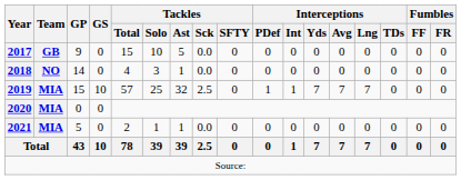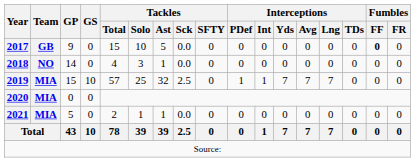 <table class="wikitable" style="text-align: center;">
 <tr>
 <th rowspan=2>Year</th>
 <th rowspan=2>Team</th>
 <th rowspan=2>GP</th>
 <th rowspan=2>GS</th>
 <th colspan=5>Tackles</th>
 <th colspan=6>Interceptions</th>
 <th colspan=2>Fumbles</th>
 </tr>
 <tr>
 <th>Total</th>
 <th>Solo</th>
 <th>Ast</th>
 <th>Sck</th>
 <th>SFTY</th>
 <th>PDef</th>
 <th>Int</th>
 <th>Yds</th>
 <th>Avg</th>
 <th>Lng</th>
 <th>TDs</th>
 <th>FF</th>
 <th>FR</th>
 </tr>
 <tr>
 <th><a href='#'>2017</a></th>
 <th><a href='#'>GB</a></th>
 <td>9</td>
 <td>0</td>
 <td>15</td>
 <td>10</td>
 <td>5</td>
 <td>0.0</td>
 <td>0</td>
 <td>0</td>
 <td>0</td>
 <td>0</td>
 <td>0</td>
 <td>0</td>
 <td>0</td>
-<td>0</td>
+<td><strong>0</strong></td>
 <td>0</td>
 </tr>
 <tr>
 <th><a href='#'>2018</a></th>
 <th><a href='#'>NO</a></th>
 <td>14</td>
 <td>0</td>
 <td>4</td>
 <td>3</td>
 <td>1</td>
 <td>0.0</td>
 <td>0</td>
 <td>0</td>
 <td>0</td>
 <td>0</td>
 <td>0</td>
 <td>0</td>
 <td>0</td>
 <td>0</td>
 <td>0</td>
 </tr>
 <tr>
 <th><a href='#'>2019</a></th>
 <th><a href='#'>MIA</a></th>
 <td>15</td>
 <td>10</td>
 <td>57</td>
 <td>25</td>
 <td>32</td>
 <td>2.5</td>
 <td>0</td>
 <td>1</td>
 <td>1</td>
 <td>7</td>
 <td>7</td>
 <td>7</td>
 <td>0</td>
 <td>0</td>
 <td>0</td>
 </tr>
 <tr>
 <th><a href='#'>2020</a></th>
 <th><a href='#'>MIA</a></th>
 <td>0</td>
 <td>0</td>
 <td colspan="16"></td>
 </tr>
 <tr>
 <th><a href='#'>2021</a></th>
 <th><a href='#'>MIA</a></th>
 <td>5</td>
 <td>0</td>
 <td>2</td>
 <td>1</td>
 <td>1</td>
 <td>0.0</td>
 <td>0</td>
 <td>0</td>
 <td>0</td>
 <td>0</td>
 <td>0</td>
 <td>0</td>
 <td>0</td>
 <td>0</td>
 <td>0</td>
 </tr>
 <tr>
 <th colspan="2">Total</th>
 <th>43</th>
 <th>10</th>
 <th>78</th>
 <th>39</th>
 <th>39</th>
 <th>2.5</th>
 <th>0</th>
 <th>0</th>
 <th>1</th>
 <th>7</th>
 <th>7</th>
 <th>7</th>
 <th>0</th>
 <th>0</th>
 <th>0</th>
 </tr>
 <tr>
 <td colspan="17"><small>Source: </small></td>
 </tr>
 </table>
